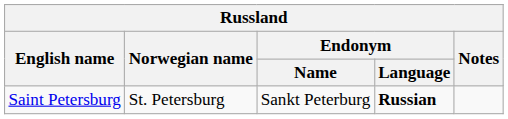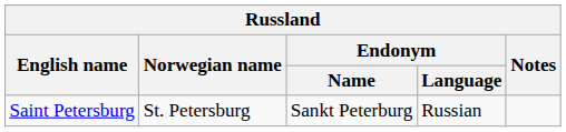 <table class="wikitable sortable">
 <tr>
 <th colspan="5"> Russland</th>
 </tr>
 <tr>
 <th rowspan="2">English name</th>
 <th rowspan="2">Norwegian name</th>
 <th colspan="2">Endonym</th>
 <th rowspan="2">Notes</th>
 </tr>
 <tr>
 <th>Name</th>
 <th>Language</th>
 </tr>
 <tr>
 <td><a href='#'>Saint Petersburg</a></td>
 <td>St. Petersburg</td>
 <td>Sankt Peterburg</td>
-<td><strong>Russian</strong></td>
+<td>Russian</td>
 <td></td>
 </tr>
 </table>
